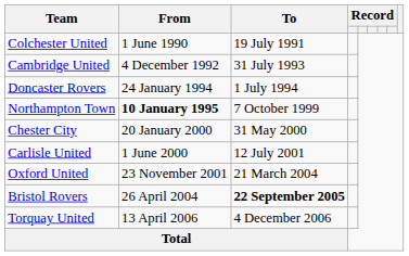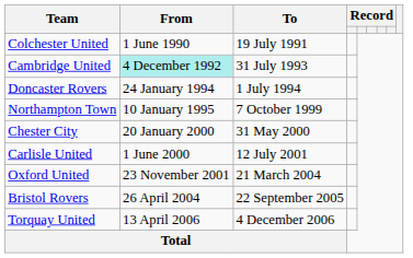 <table class=wikitable style="text-align: center">
 <tr>
 <th rowspan="2">Team</th>
 <th rowspan="2">From</th>
 <th rowspan="2">To</th>
 <th colspan="5">Record</th>
 <th rowspan="2"></th>
 </tr>
 <tr>
 <th></th>
 <th></th>
 <th></th>
 <th></th>
 <th></th>
 </tr>
 <tr>
 <td align=left><a href='#'>Colchester United</a></td>
 <td align=left>1 June 1990</td>
 <td align=left>19 July 1991<br></td>
 <td></td>
 </tr>
 <tr>
 <td align=left><a href='#'>Cambridge United</a></td>
-<td align=left>4 December 1992</td>
+<td align=left style="background: paleturquoise;">4 December 1992</td>
 <td align=left>31 July 1993<br></td>
 <td></td>
 </tr>
 <tr>
 <td align=left><a href='#'>Doncaster Rovers</a></td>
 <td align=left>24 January 1994</td>
 <td align=left>1 July 1994<br></td>
 <td></td>
 </tr>
 <tr>
 <td align=left><a href='#'>Northampton Town</a></td>
-<td align=left><strong>10 January 1995</strong></td>
+<td align=left>10 January 1995</td>
 <td align=left>7 October 1999<br></td>
 <td></td>
 </tr>
 <tr>
 <td align=left><a href='#'>Chester City</a></td>
 <td align=left>20 January 2000</td>
 <td align=left>31 May 2000<br></td>
 <td></td>
 </tr>
 <tr>
 <td align=left><a href='#'>Carlisle United</a></td>
 <td align=left>1 June 2000</td>
 <td align=left>12 July 2001<br></td>
 <td></td>
 </tr>
 <tr>
 <td align=left><a href='#'>Oxford United</a></td>
 <td align=left>23 November 2001</td>
 <td align=left>21 March 2004<br></td>
 <td></td>
 </tr>
 <tr>
 <td align=left><a href='#'>Bristol Rovers</a></td>
 <td align=left>26 April 2004</td>
-<td align=left><strong>22 September 2005<br></strong></td>
+<td align=left>22 September 2005<br></td>
 <td></td>
 </tr>
 <tr>
 <td align=left><a href='#'>Torquay United</a></td>
 <td align=left>13 April 2006</td>
 <td align=left>4 December 2006<br></td>
 <td></td>
 </tr>
 <tr>
 <th colspan=3>Total<br></th>
 </tr>
 </table>
